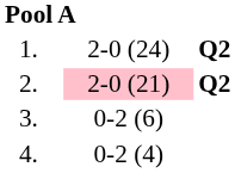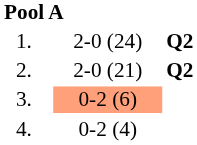 <table style="text-align:center">
 <tr>
 <td colspan=4 align=left><strong>Pool A</strong></td>
 </tr>
 <tr>
 <td width=30>1.</td>
 <td align=left></td>
 <td width=80>2-0 (24)</td>
 <td><strong>Q2</strong></td>
 </tr>
 <tr>
 <td>2.</td>
 <td align=left></td>
-<td style="background: pink;">2-0 (21)</td>
+<td>2-0 (21)</td>
 <td><strong>Q2</strong></td>
 </tr>
 <tr>
 <td>3.</td>
 <td align=left></td>
-<td>0-2 (6)</td>
+<td style="background: lightsalmon;">0-2 (6)</td>
 <td></td>
 </tr>
 <tr>
 <td>4.</td>
 <td align=left></td>
 <td>0-2 (4)</td>
 <td></td>
 </tr>
 </table>
